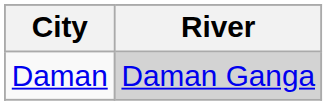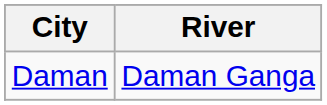 <table class="wikitable sortable">
 <tr>
 <th>City</th>
 <th>River</th>
 </tr>
 <tr>
 <td><a href='#'>Daman</a></td>
-<td style="background: lightgrey;"><a href='#'>Daman Ganga</a></td>
+<td><a href='#'>Daman Ganga</a></td>
 </tr>
 </table>
